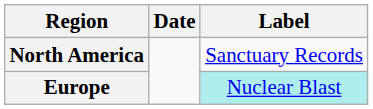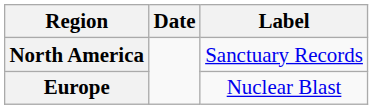 <table class="wikitable sortable plainrowheaders">
 <tr>
 <th scope="col">Region</th>
 <th scope="col">Date</th>
 <th scope="col">Label</th>
 </tr>
 <tr>
 <th scope="row">North America</th>
 <td rowspan="2"></td>
 <td align="center"><a href='#'>Sanctuary Records</a></td>
 </tr>
 <tr>
 <th scope="row">Europe</th>
-<td align="center" style="background: paleturquoise;"><a href='#'>Nuclear Blast</a></td>
+<td align="center"><a href='#'>Nuclear Blast</a></td>
 </tr>
 </table>
